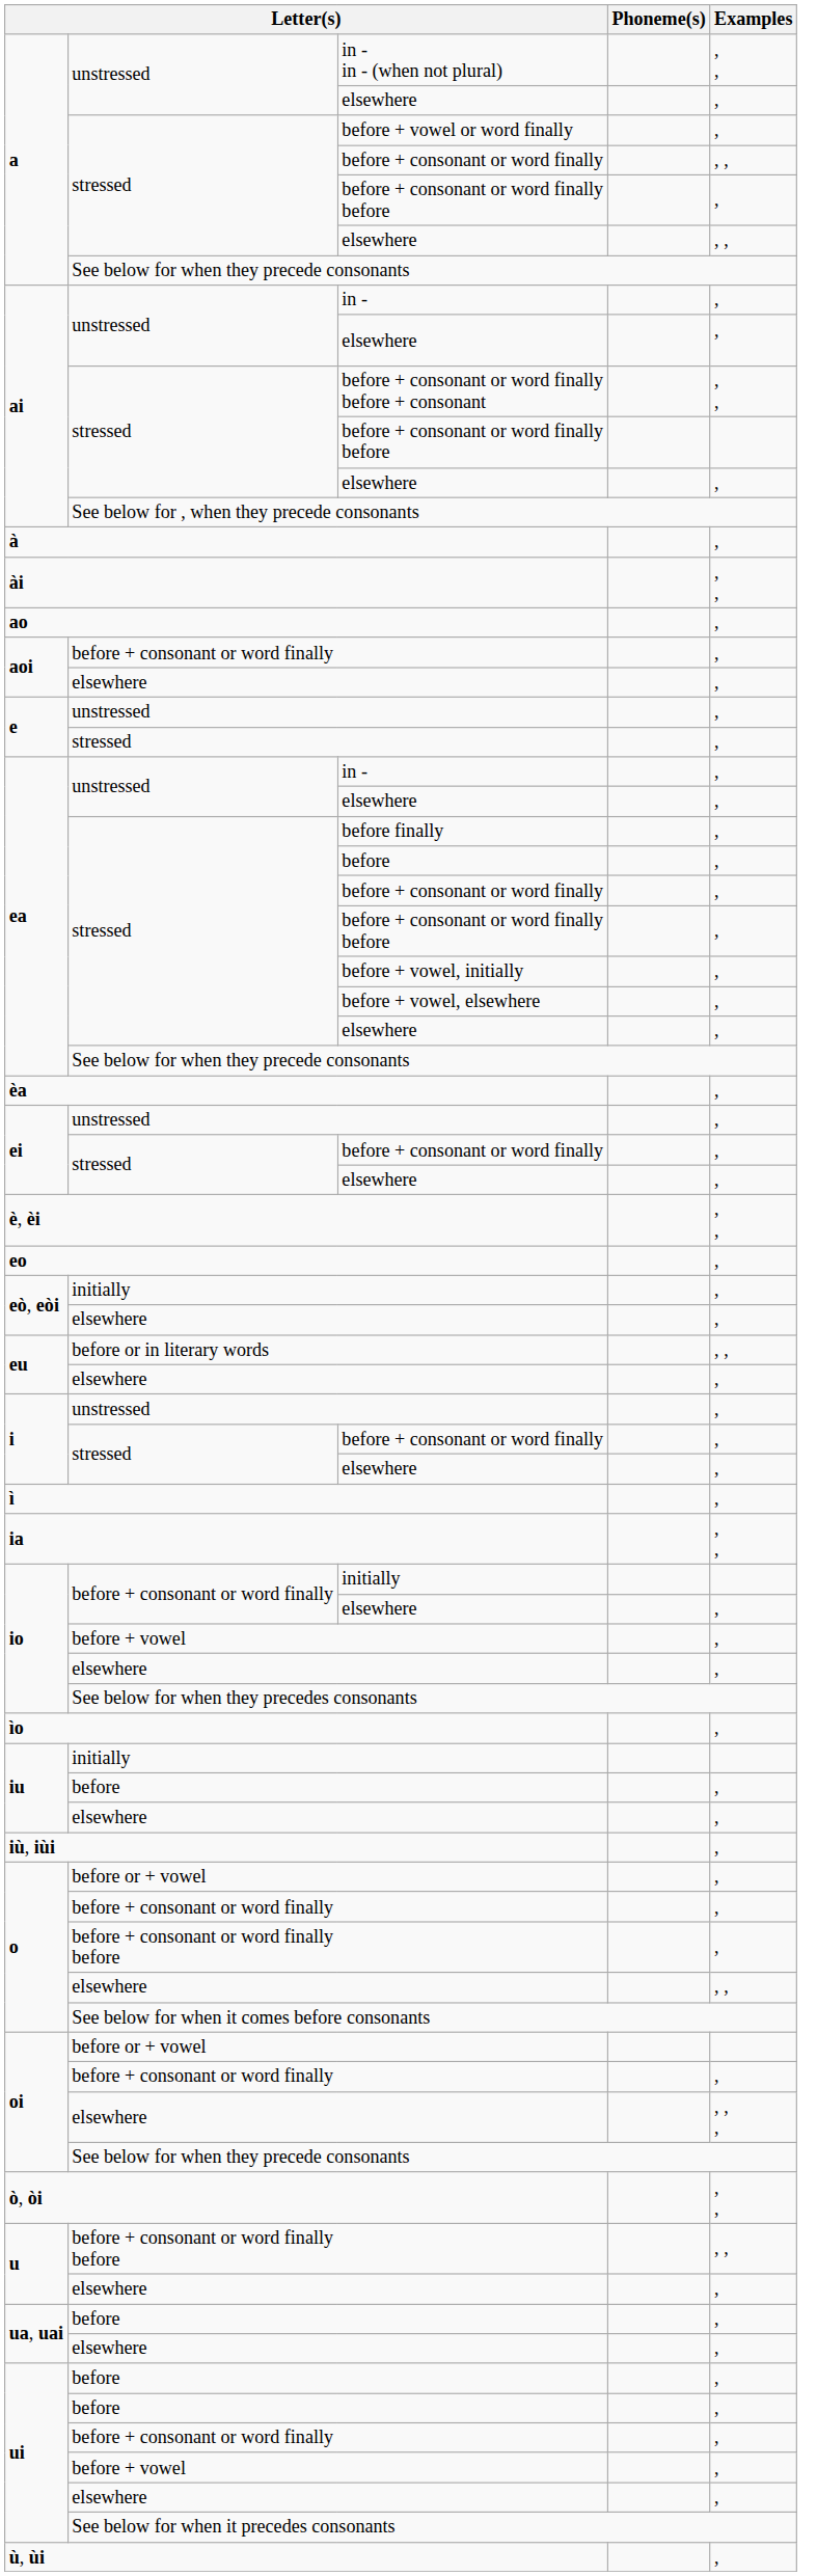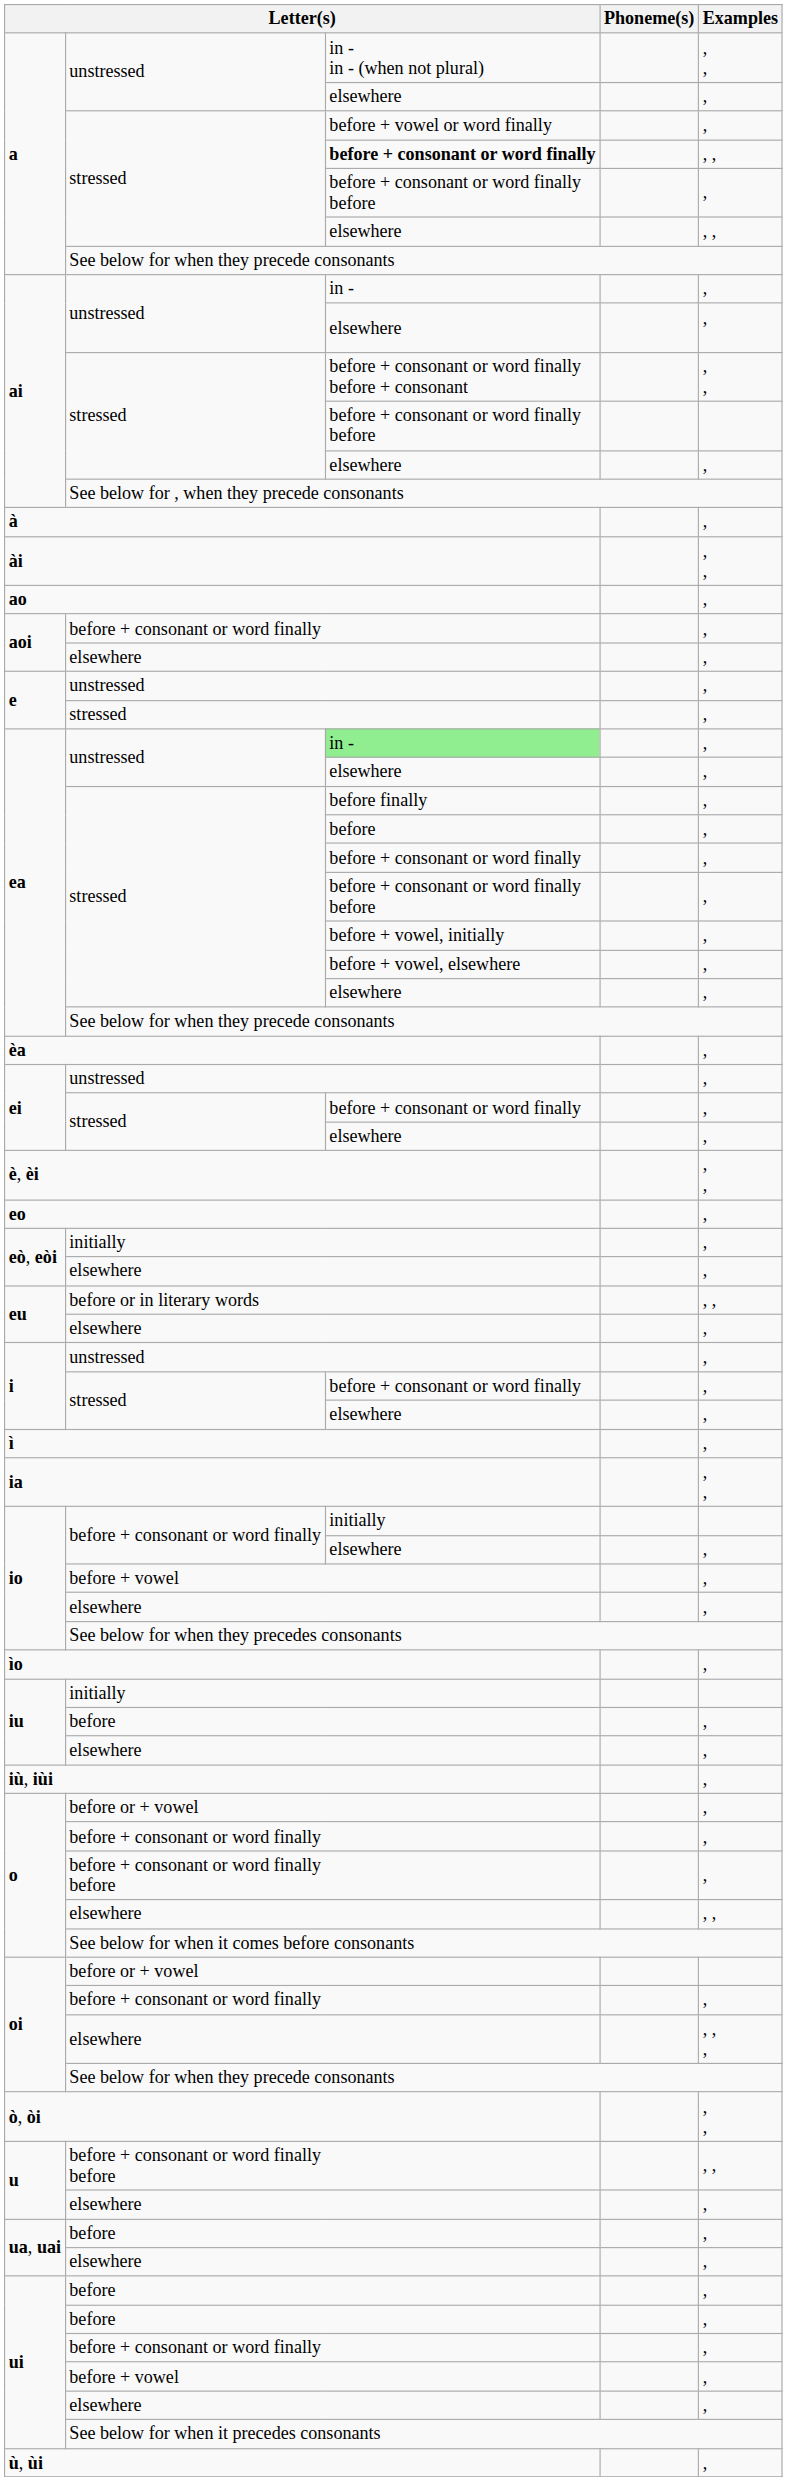 <table class="wikitable">
 <tr>
 <th colspan=3>Letter(s)</th>
 <th>Phoneme(s)</th>
 <th>Examples</th>
 </tr>
 <tr>
 <td rowspan=7><strong>a</strong></td>
 <td rowspan=2>unstressed</td>
 <td>in - <br> in - (when not plural)</td>
 <td></td>
 <td> ,   <br>  ,  </td>
 </tr>
 <tr>
 <td>elsewhere</td>
 <td></td>
 <td> ,  </td>
 </tr>
 <tr>
 <td rowspan=4>stressed</td>
 <td>before  + vowel or word finally</td>
 <td></td>
 <td> ,  </td>
 </tr>
 <tr>
-<td>before  + consonant or word finally</td>
+<td><strong>before  + consonant or word finally</strong></td>
 <td></td>
 <td> ,  ,  </td>
 </tr>
 <tr>
 <td>before  + consonant or word finally<br> before </td>
 <td></td>
 <td> ,  </td>
 </tr>
 <tr>
 <td>elsewhere</td>
 <td></td>
 <td> ,  ,  </td>
 </tr>
 <tr>
 <td colspan=4>See below for <a href='#'></a> when they precede consonants</td>
 </tr>
 <tr>
 <td rowspan=6><strong>ai</strong></td>
 <td rowspan=2>unstressed</td>
 <td>in -</td>
 <td></td>
 <td> ,  </td>
 </tr>
 <tr>
 <td>elsewhere</td>
 <td> <br><br></td>
 <td> ,   <br>   <br>  </td>
 </tr>
 <tr>
 <td rowspan=3>stressed</td>
 <td>before  + consonant or word finally <br> before  + consonant</td>
 <td></td>
 <td> ,   <br>  ,  </td>
 </tr>
 <tr>
 <td>before  + consonant or word finally <br> before </td>
 <td></td>
 <td> </td>
 </tr>
 <tr>
 <td>elsewhere</td>
 <td></td>
 <td> ,  </td>
 </tr>
 <tr>
 <td colspan=4>See below for <a href='#'></a>, <a href='#'></a> when they precede consonants</td>
 </tr>
 <tr>
 <td colspan=3><strong>à</strong></td>
 <td></td>
 <td> ,  </td>
 </tr>
 <tr>
 <td colspan=3><strong>ài</strong></td>
 <td> <br></td>
 <td> ,    <br>  ,  </td>
 </tr>
 <tr>
 <td colspan=3><strong>ao</strong></td>
 <td></td>
 <td> ,  </td>
 </tr>
 <tr>
 <td rowspan=2><strong>aoi</strong></td>
 <td colspan=2>before  + consonant or word finally</td>
 <td></td>
 <td> ,  </td>
 </tr>
 <tr>
 <td colspan=2>elsewhere</td>
 <td></td>
 <td> ,  </td>
 </tr>
 <tr>
 <td rowspan=2><strong>e</strong></td>
 <td colspan=2>unstressed</td>
 <td></td>
 <td> ,  </td>
 </tr>
 <tr>
 <td colspan=2>stressed</td>
 <td></td>
 <td> ,  </td>
 </tr>
 <tr>
 <td rowspan=10><strong>ea</strong></td>
 <td rowspan=2>unstressed</td>
-<td>in -</td>
+<td style="background: lightgreen;">in -</td>
 <td></td>
 <td> ,  </td>
 </tr>
 <tr>
 <td>elsewhere</td>
 <td></td>
 <td> ,  </td>
 </tr>
 <tr>
 <td rowspan=7>stressed</td>
 <td>before  finally</td>
 <td></td>
 <td> ,  </td>
 </tr>
 <tr>
 <td>before </td>
 <td></td>
 <td> ,  </td>
 </tr>
 <tr>
 <td>before  + consonant or word finally</td>
 <td></td>
 <td> ,  </td>
 </tr>
 <tr>
 <td>before  + consonant or word finally<br>before </td>
 <td></td>
 <td> ,  </td>
 </tr>
 <tr>
 <td>before  + vowel, initially</td>
 <td></td>
 <td> ,  </td>
 </tr>
 <tr>
 <td>before  + vowel, elsewhere</td>
 <td></td>
 <td> ,  </td>
 </tr>
 <tr>
 <td>elsewhere</td>
 <td></td>
 <td> ,  </td>
 </tr>
 <tr>
 <td colspan=4>See below for <a href='#'></a> when they precede consonants</td>
 </tr>
 <tr>
 <td colspan=3><strong>èa</strong></td>
 <td></td>
 <td> ,  </td>
 </tr>
 <tr>
 <td rowspan=3><strong>ei</strong></td>
 <td colspan=2>unstressed</td>
 <td></td>
 <td> ,  </td>
 </tr>
 <tr>
 <td rowspan=2>stressed</td>
 <td>before  + consonant or word finally</td>
 <td></td>
 <td> ,  </td>
 </tr>
 <tr>
 <td>elsewhere</td>
 <td></td>
 <td> ,  </td>
 </tr>
 <tr>
 <td colspan=3><strong>è</strong>, <strong>èi</strong></td>
 <td> <br></td>
 <td> ,   <br>  ,  </td>
 </tr>
 <tr>
 <td colspan=3><strong>eo</strong></td>
 <td></td>
 <td> ,  </td>
 </tr>
 <tr>
 <td rowspan=2><strong>eò</strong>, <strong>eòi</strong></td>
 <td colspan=2>initially</td>
 <td></td>
 <td> ,  </td>
 </tr>
 <tr>
 <td colspan=2>elsewhere</td>
 <td></td>
 <td> ,  </td>
 </tr>
 <tr>
 <td rowspan=2><strong>eu</strong></td>
 <td colspan=2>before  or in literary words</td>
 <td></td>
 <td> ,  ,  </td>
 </tr>
 <tr>
 <td colspan=2>elsewhere</td>
 <td></td>
 <td> ,  </td>
 </tr>
 <tr>
 <td rowspan=3><strong>i</strong></td>
 <td colspan=2>unstressed</td>
 <td></td>
 <td> ,  </td>
 </tr>
 <tr>
 <td rowspan=2>stressed</td>
 <td>before  + consonant or word finally</td>
 <td></td>
 <td> ,  </td>
 </tr>
 <tr>
 <td>elsewhere</td>
 <td></td>
 <td> ,  </td>
 </tr>
 <tr>
 <td colspan=3><strong>ì</strong></td>
 <td></td>
 <td> ,  </td>
 </tr>
 <tr>
 <td colspan=3><strong>ia</strong></td>
 <td><br></td>
 <td> ,   <br>  ,  </td>
 </tr>
 <tr>
 <td rowspan=5><strong>io</strong></td>
 <td rowspan=2>before  + consonant or word finally</td>
 <td>initially</td>
 <td></td>
 <td> </td>
 </tr>
 <tr>
 <td>elsewhere</td>
 <td></td>
 <td> ,  </td>
 </tr>
 <tr>
 <td colspan=2>before  + vowel</td>
 <td></td>
 <td> ,  </td>
 </tr>
 <tr>
 <td colspan=2>elsewhere</td>
 <td></td>
 <td> ,  </td>
 </tr>
 <tr>
 <td colspan=4>See below for <a href='#'></a> when they precedes consonants</td>
 </tr>
 <tr>
 <td colspan=3><strong>ìo</strong></td>
 <td></td>
 <td> ,  </td>
 </tr>
 <tr>
 <td rowspan=3><strong>iu</strong></td>
 <td colspan=2>initially</td>
 <td></td>
 <td> </td>
 </tr>
 <tr>
 <td colspan=2>before </td>
 <td></td>
 <td> ,  </td>
 </tr>
 <tr>
 <td colspan=2>elsewhere</td>
 <td></td>
 <td> ,  </td>
 </tr>
 <tr>
 <td colspan=3><strong>iù</strong>, <strong>iùi</strong></td>
 <td></td>
 <td> ,  </td>
 </tr>
 <tr>
 <td rowspan=5><strong>o</strong></td>
 <td colspan=2>before  or  + vowel</td>
 <td></td>
 <td> ,  </td>
 </tr>
 <tr>
 <td colspan=2>before  + consonant or word finally</td>
 <td></td>
 <td> ,  </td>
 </tr>
 <tr>
 <td colspan=2>before  + consonant or word finally<br>before </td>
 <td></td>
 <td> ,  </td>
 </tr>
 <tr>
 <td colspan=2>elsewhere</td>
 <td></td>
 <td> ,  ,  </td>
 </tr>
 <tr>
 <td colspan=4>See below for <a href='#'></a> when it comes before consonants</td>
 </tr>
 <tr>
 <td rowspan=4><strong>oi</strong></td>
 <td colspan=2>before  or  + vowel</td>
 <td></td>
 <td></td>
 </tr>
 <tr>
 <td colspan=2>before  + consonant or word finally</td>
 <td></td>
 <td> ,  </td>
 </tr>
 <tr>
 <td colspan=2>elsewhere</td>
 <td><br></td>
 <td> ,  ,   <br>  ,  </td>
 </tr>
 <tr>
 <td colspan=4>See below for <a href='#'></a> when they precede consonants</td>
 </tr>
 <tr>
 <td colspan=3><strong>ò</strong>, <strong>òi</strong></td>
 <td><br></td>
 <td> ,   <br>  ,  </td>
 </tr>
 <tr>
 <td rowspan=2><strong>u</strong></td>
 <td colspan=2>before  + consonant or word finally<br>before </td>
 <td></td>
 <td> ,  ,  </td>
 </tr>
 <tr>
 <td colspan=2>elsewhere</td>
 <td></td>
 <td> ,  </td>
 </tr>
 <tr>
 <td rowspan=2><strong>ua</strong>, <strong>uai</strong></td>
 <td colspan=2>before </td>
 <td></td>
 <td> ,  </td>
 </tr>
 <tr>
 <td colspan=2>elsewhere</td>
 <td></td>
 <td> ,  </td>
 </tr>
 <tr>
 <td rowspan=6><strong>ui</strong></td>
 <td colspan=2>before </td>
 <td></td>
 <td> ,  </td>
 </tr>
 <tr>
 <td colspan=2>before </td>
 <td></td>
 <td> ,  </td>
 </tr>
 <tr>
 <td colspan=2>before  + consonant or word finally</td>
 <td></td>
 <td> ,  </td>
 </tr>
 <tr>
 <td colspan=2>before  + vowel</td>
 <td></td>
 <td> ,  </td>
 </tr>
 <tr>
 <td colspan=2>elsewhere</td>
 <td></td>
 <td> ,  </td>
 </tr>
 <tr>
 <td colspan=4>See below for <a href='#'></a> when it precedes consonants</td>
 </tr>
 <tr>
 <td colspan=3><strong>ù</strong>, <strong>ùi</strong></td>
 <td></td>
 <td> ,  </td>
 </tr>
 <tr>
 </tr>
 </table>
